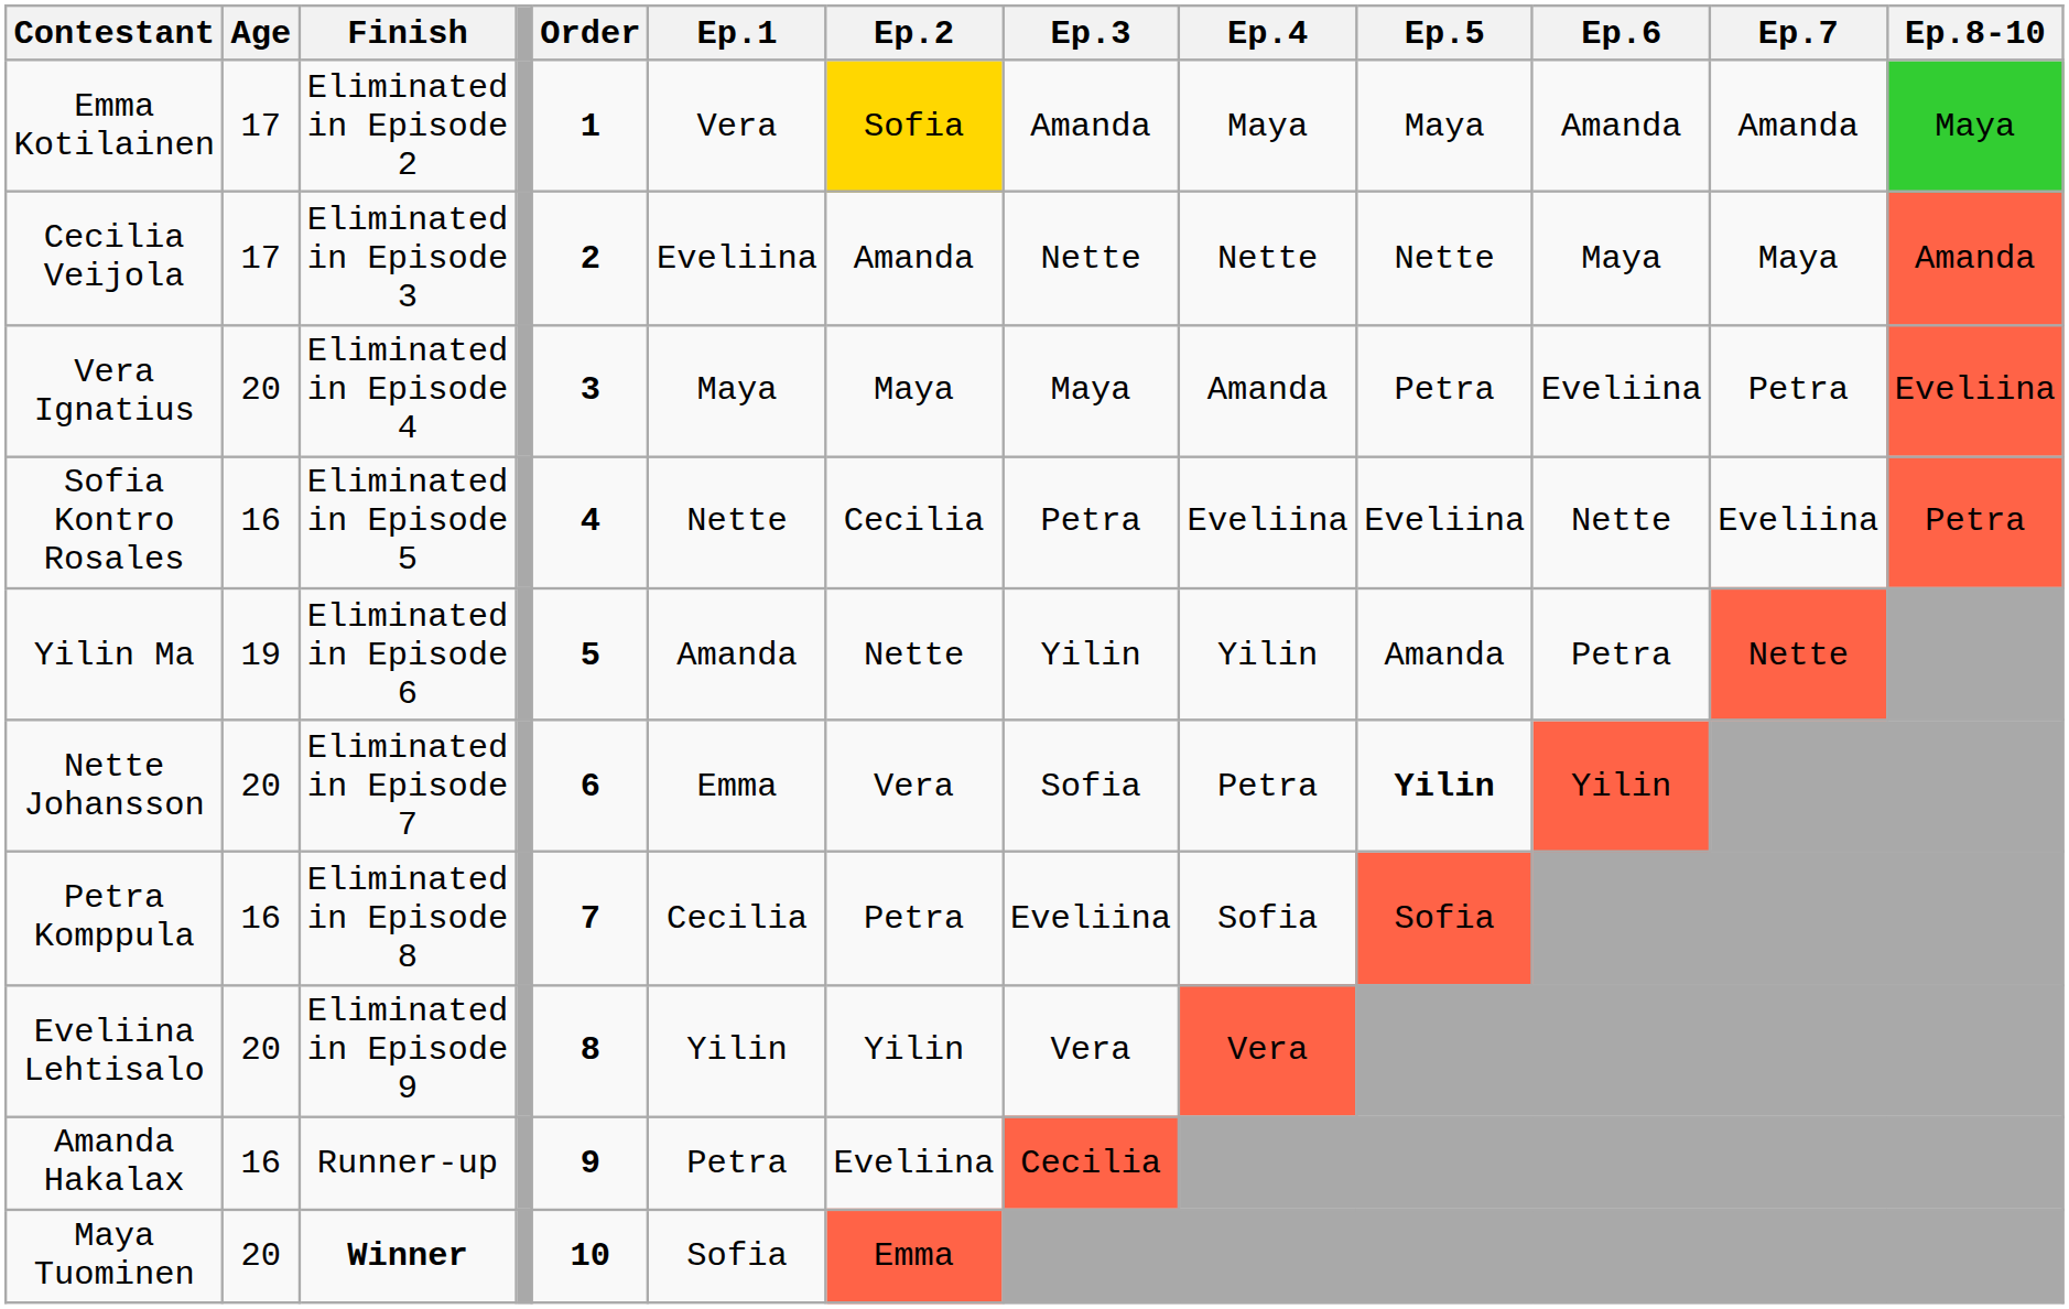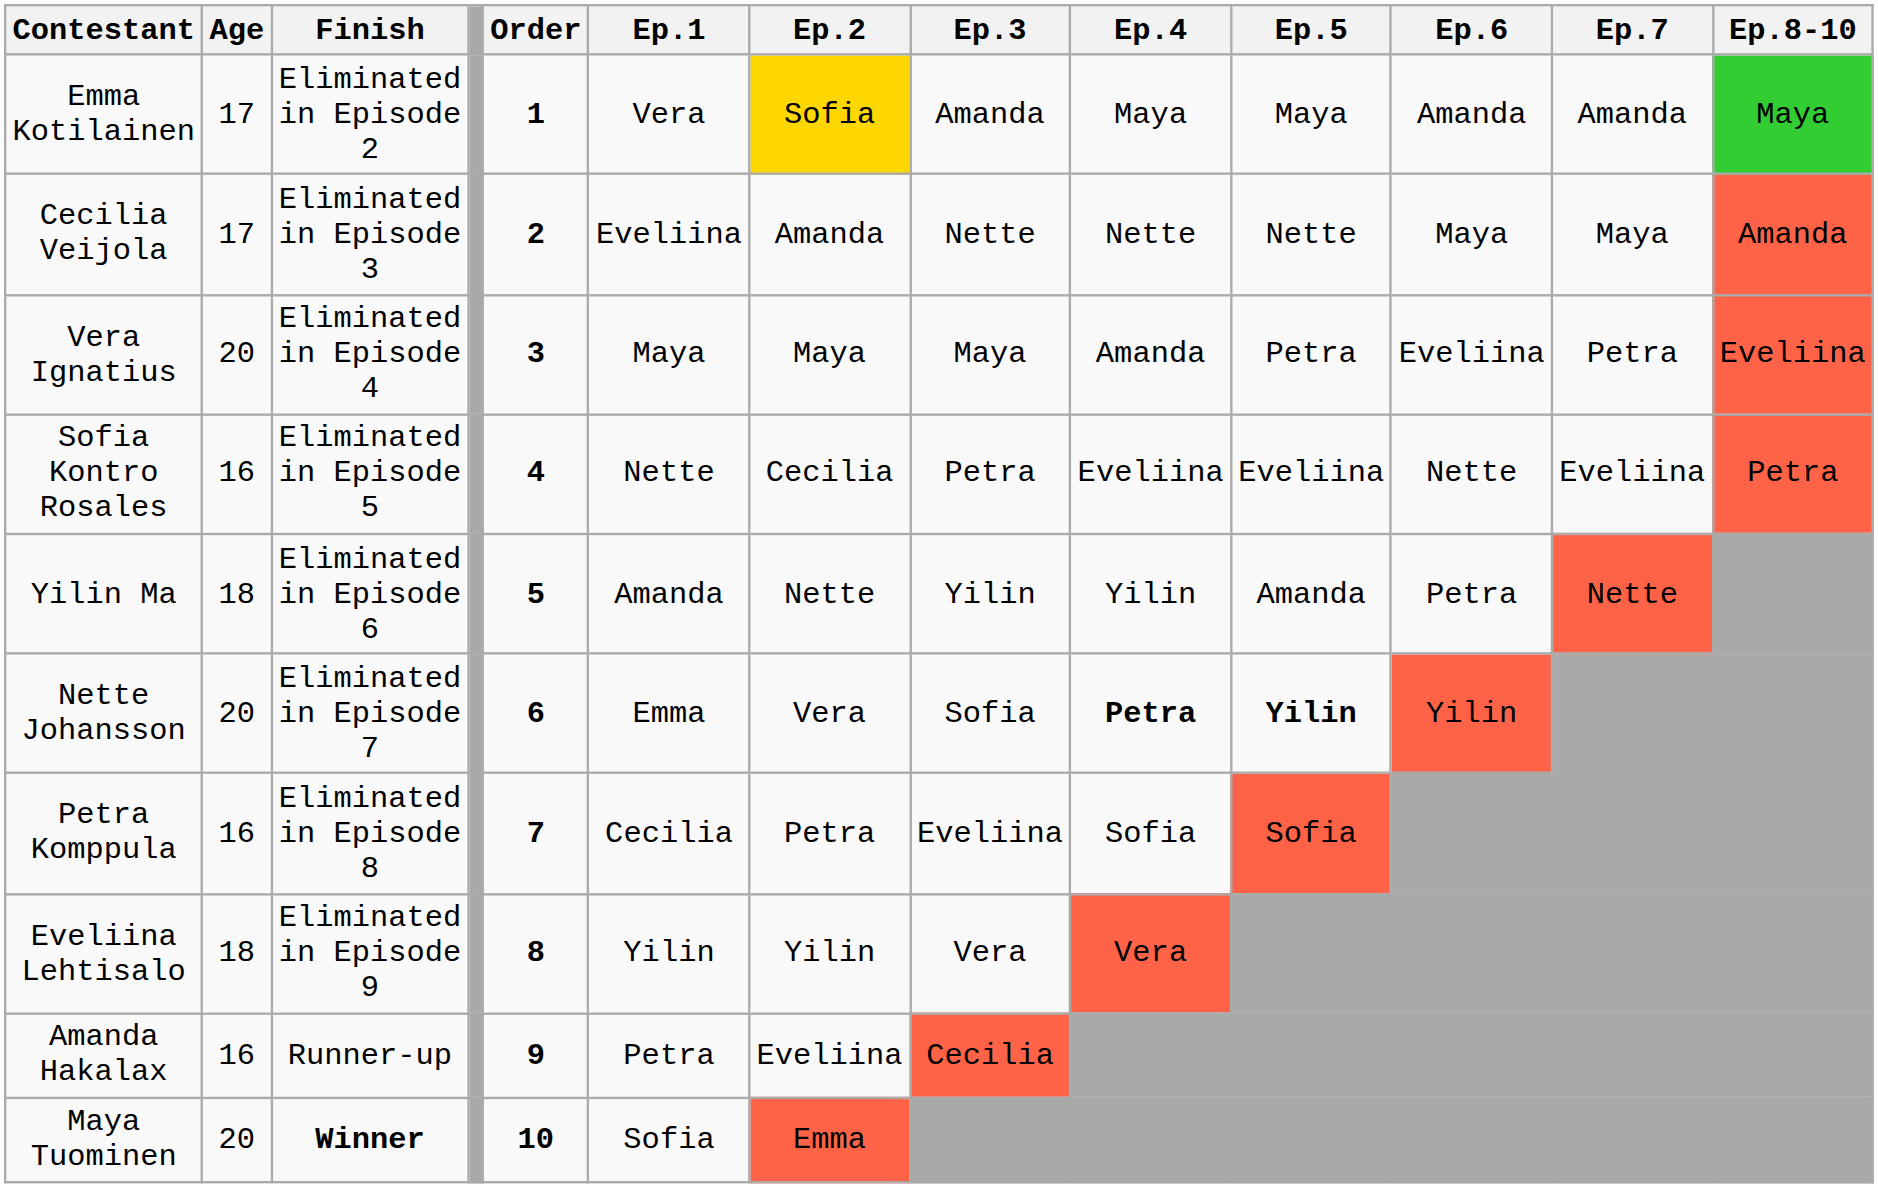 <table class="wikitable" style="text-align:center;">
 <tr>
 <th>Contestant</th>
 <th>Age</th>
 <th>Finish</th>
 <th style="background:darkgrey;"></th>
 <th>Order</th>
 <th>Ep.1</th>
 <th>Ep.2</th>
 <th>Ep.3</th>
 <th>Ep.4</th>
 <th>Ep.5</th>
 <th>Ep.6</th>
 <th>Ep.7</th>
 <th>Ep.8-10</th>
 </tr>
 <tr>
 <td>Emma Kotilainen</td>
 <td>17</td>
 <td>Eliminated in Episode 2</td>
 <td style="background:darkgrey;"></td>
 <td><strong>1</strong></td>
 <td>Vera</td>
 <td style="background:gold;">Sofia</td>
 <td>Amanda</td>
 <td>Maya</td>
 <td>Maya</td>
 <td>Amanda</td>
 <td>Amanda</td>
 <td style="background:limegreen;">Maya</td>
 </tr>
 <tr>
 <td>Cecilia Veijola</td>
 <td>17</td>
 <td>Eliminated in Episode 3</td>
 <td style="background:darkgrey;"></td>
 <td><strong>2</strong></td>
 <td>Eveliina</td>
 <td>Amanda</td>
 <td>Nette</td>
 <td>Nette</td>
 <td>Nette</td>
 <td>Maya</td>
 <td>Maya</td>
 <td style="background:tomato;">Amanda</td>
 </tr>
 <tr>
 <td>Vera Ignatius</td>
 <td>20</td>
 <td>Eliminated in Episode 4</td>
 <td style="background:darkgrey;"></td>
 <td><strong>3</strong></td>
 <td>Maya</td>
 <td>Maya</td>
 <td>Maya</td>
 <td>Amanda</td>
 <td>Petra</td>
 <td>Eveliina</td>
 <td>Petra</td>
 <td style="background:tomato;">Eveliina</td>
 </tr>
 <tr>
 <td>Sofia Kontro Rosales</td>
 <td>16</td>
 <td>Eliminated in Episode 5</td>
 <td style="background:darkgrey;"></td>
 <td><strong>4</strong></td>
 <td>Nette</td>
 <td>Cecilia</td>
 <td>Petra</td>
 <td>Eveliina</td>
 <td>Eveliina</td>
 <td>Nette</td>
 <td>Eveliina</td>
 <td style="background:tomato;">Petra</td>
 </tr>
 <tr>
 <td>Yilin Ma</td>
-<td>19</td>
+<td>18</td>
 <td>Eliminated in Episode 6</td>
 <td style="background:darkgrey;"></td>
 <td><strong>5</strong></td>
 <td>Amanda</td>
 <td>Nette</td>
 <td>Yilin</td>
 <td>Yilin</td>
 <td>Amanda</td>
 <td>Petra</td>
 <td style="background:tomato;">Nette</td>
 <td style="background:darkgrey;" colspan="12"></td>
 </tr>
 <tr>
 <td>Nette Johansson</td>
 <td>20</td>
 <td>Eliminated in Episode 7</td>
 <td style="background:darkgrey;"></td>
 <td><strong>6</strong></td>
 <td>Emma</td>
 <td>Vera</td>
 <td>Sofia</td>
-<td>Petra</td>
+<td><strong>Petra</strong></td>
 <td><strong>Yilin</strong></td>
 <td style="background:tomato;">Yilin</td>
 <td style="background:darkgrey;" colspan="12"></td>
 </tr>
 <tr>
 <td>Petra Komppula</td>
 <td>16</td>
 <td>Eliminated in Episode 8</td>
 <td style="background:darkgrey;"></td>
 <td><strong>7</strong></td>
 <td>Cecilia</td>
 <td>Petra</td>
 <td>Eveliina</td>
 <td>Sofia</td>
 <td style="background:tomato;">Sofia</td>
 <td style="background:darkgrey;" colspan="12"></td>
 </tr>
 <tr>
 <td>Eveliina Lehtisalo</td>
-<td>20</td>
+<td>18</td>
 <td>Eliminated in Episode 9</td>
 <td style="background:darkgrey;"></td>
 <td><strong>8</strong></td>
 <td>Yilin</td>
 <td>Yilin</td>
 <td>Vera</td>
 <td style="background:tomato;">Vera</td>
 <td style="background:darkgrey;" colspan="12"></td>
 </tr>
 <tr>
 <td>Amanda Hakalax</td>
 <td>16</td>
 <td>Runner-up</td>
 <td style="background:darkgrey;"></td>
 <td><strong>9</strong></td>
 <td>Petra</td>
 <td>Eveliina</td>
 <td style="background:tomato;">Cecilia</td>
 <td style="background:darkgrey;" colspan="12"></td>
 </tr>
 <tr>
 <td>Maya Tuominen</td>
 <td>20</td>
 <td><strong>Winner</strong></td>
 <td style="background:darkgrey;"></td>
 <td><strong>10</strong></td>
 <td>Sofia</td>
 <td style="background:tomato;">Emma</td>
 <td style="background:darkgrey;" colspan="12"></td>
 </tr>
 </table>
